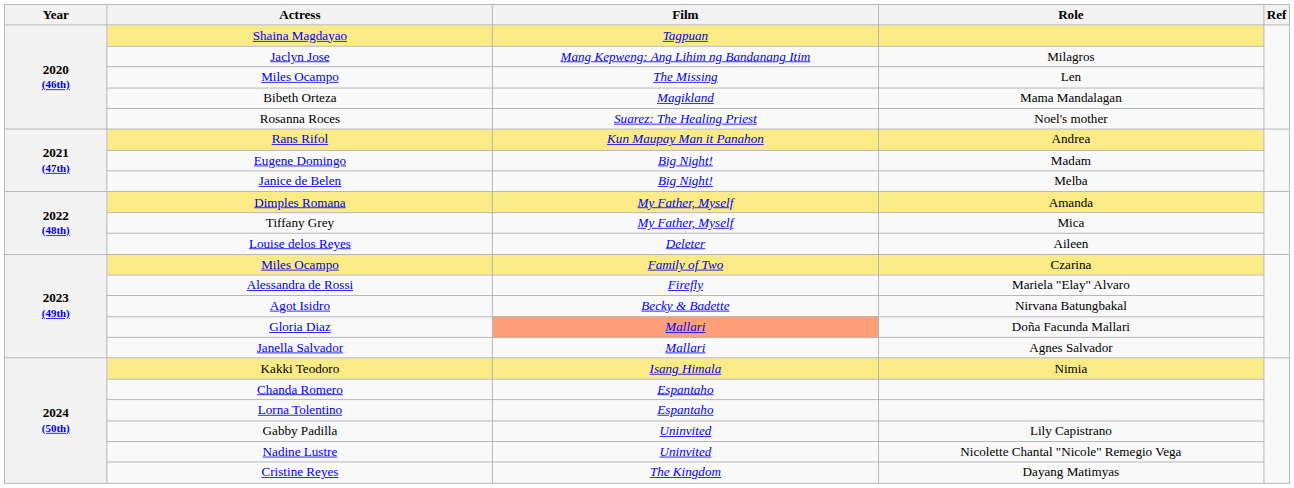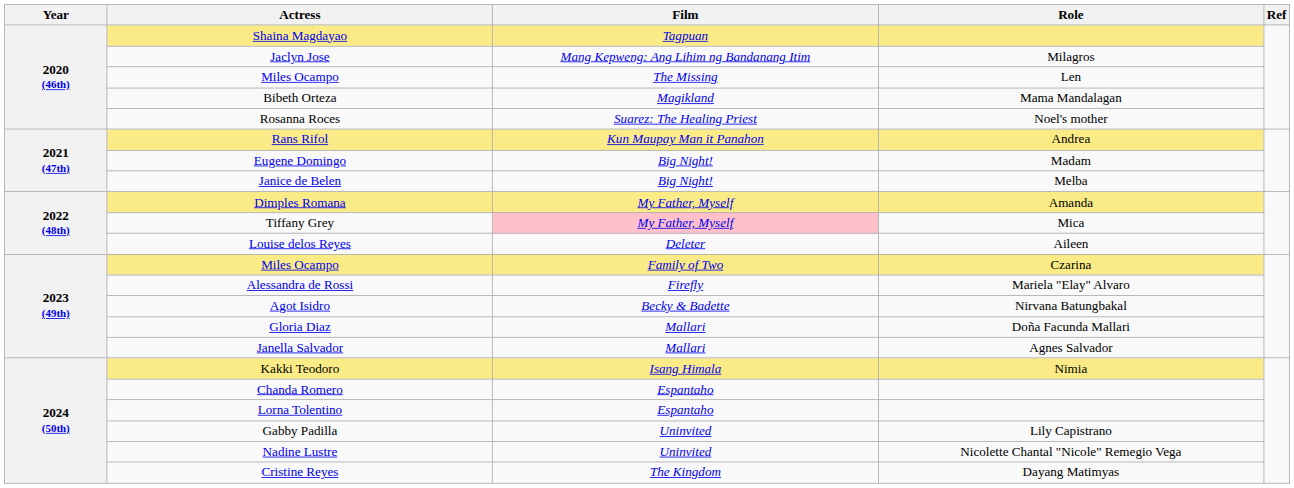 <table class="wikitable" style="text-align:center">
 <tr>
 <th scope="col" style="width:8%;">Year</th>
 <th scope="col" style="width:30%;">Actress</th>
 <th scope="col" style="width:30%;">Film</th>
 <th scope="col" style="width:30%;">Role</th>
 <th scope="col" style="width:2%;">Ref</th>
 </tr>
 <tr>
 <th rowspan="5" scope="row" style="text-align:center">2020 <br><small><a href='#'>(46th)</a> </small></th>
 <td style="background:#FAEB86"><a href='#'>Shaina Magdayao</a></td>
 <td style="background:#FAEB86"><em><a href='#'>Tagpuan</a></em></td>
 <td style="background:#FAEB86"></td>
 <td rowspan="5"></td>
 </tr>
 <tr>
 <td><a href='#'>Jaclyn Jose</a></td>
 <td><em><a href='#'>Mang Kepweng: Ang Lihim ng Bandanang Itim</a></em></td>
 <td>Milagros</td>
 </tr>
 <tr>
 <td><a href='#'>Miles Ocampo</a></td>
 <td><em><a href='#'>The Missing</a></em></td>
 <td>Len</td>
 </tr>
 <tr>
 <td>Bibeth Orteza</td>
 <td><em><a href='#'>Magikland</a></em></td>
 <td>Mama Mandalagan</td>
 </tr>
 <tr>
 <td>Rosanna Roces</td>
 <td><em><a href='#'>Suarez: The Healing Priest</a></em></td>
 <td>Noel's mother</td>
 </tr>
 <tr>
 <th rowspan="3" scope="row" style="text-align:center">2021 <br><small><a href='#'>(47th)</a> </small></th>
 <td style="background:#FAEB86"><a href='#'>Rans Rifol</a></td>
 <td style="background:#FAEB86"><em><a href='#'>Kun Maupay Man it Panahon</a></em></td>
 <td style="background:#FAEB86">Andrea</td>
 <td rowspan="3"></td>
 </tr>
 <tr>
 <td><a href='#'>Eugene Domingo</a></td>
 <td><em><a href='#'>Big Night!</a></em></td>
 <td>Madam</td>
 </tr>
 <tr>
 <td><a href='#'>Janice de Belen</a></td>
 <td><em><a href='#'>Big Night!</a></em></td>
 <td>Melba</td>
 </tr>
 <tr>
 <th rowspan="3" scope="row" style="text-align:center">2022 <br><small><a href='#'>(48th)</a> </small></th>
 <td style="background:#FAEB86"><a href='#'>Dimples Romana</a> </td>
 <td style="background:#FAEB86"><em><a href='#'>My Father, Myself</a></em></td>
 <td style="background:#FAEB86">Amanda</td>
 <td rowspan="3"></td>
 </tr>
 <tr>
 <td>Tiffany Grey</td>
-<td><em><a href='#'>My Father, Myself</a></em></td>
+<td style="background: pink;"><em><a href='#'>My Father, Myself</a></em></td>
 <td>Mica</td>
 </tr>
 <tr>
 <td><a href='#'>Louise delos Reyes</a></td>
 <td><em><a href='#'>Deleter</a></em></td>
 <td>Aileen</td>
 </tr>
 <tr>
 <th rowspan="5" scope="row" style="text-align:center">2023 <br><small><a href='#'>(49th)</a> </small></th>
 <td style="background:#FAEB86"><a href='#'>Miles Ocampo</a> </td>
 <td style="background:#FAEB86"><em><a href='#'>Family of Two</a></em></td>
 <td style="background:#FAEB86">Czarina</td>
 <td rowspan="5"></td>
 </tr>
 <tr>
 <td><a href='#'>Alessandra de Rossi</a></td>
 <td><em><a href='#'>Firefly</a></em></td>
 <td>Mariela "Elay" Alvaro</td>
 </tr>
 <tr>
 <td><a href='#'>Agot Isidro</a></td>
 <td><em><a href='#'>Becky & Badette</a></em></td>
 <td>Nirvana Batungbakal</td>
 </tr>
 <tr>
 <td><a href='#'>Gloria Diaz</a></td>
-<td style="background: lightsalmon;"><em><a href='#'>Mallari</a></em></td>
+<td><em><a href='#'>Mallari</a></em></td>
 <td>Doña Facunda Mallari</td>
 </tr>
 <tr>
 <td><a href='#'>Janella Salvador</a></td>
 <td><em><a href='#'>Mallari</a></em></td>
 <td>Agnes Salvador</td>
 </tr>
 <tr>
 <th rowspan="6" scope="row" style="text-align:center">2024 <br><small><a href='#'>(50th)</a> </small></th>
 <td style="background:#FAEB86">Kakki Teodoro </td>
 <td style="background:#FAEB86"><em><a href='#'>Isang Himala</a></em></td>
 <td style="background:#FAEB86">Nimia</td>
 <td rowspan="6"></td>
 </tr>
 <tr>
 <td><a href='#'>Chanda Romero</a></td>
 <td><em><a href='#'>Espantaho</a></em></td>
 <td></td>
 </tr>
 <tr>
 <td><a href='#'>Lorna Tolentino</a></td>
 <td><em><a href='#'>Espantaho</a></em></td>
 <td></td>
 </tr>
 <tr>
 <td>Gabby Padilla</td>
 <td><em><a href='#'>Uninvited</a></em></td>
 <td>Lily Capistrano</td>
 </tr>
 <tr>
 <td><a href='#'>Nadine Lustre</a></td>
 <td><em><a href='#'>Uninvited</a></em></td>
 <td>Nicolette Chantal "Nicole" Remegio Vega</td>
 </tr>
 <tr>
 <td><a href='#'>Cristine Reyes</a></td>
 <td><em><a href='#'>The Kingdom</a></em></td>
 <td>Dayang Matimyas</td>
 </tr>
 </table>
